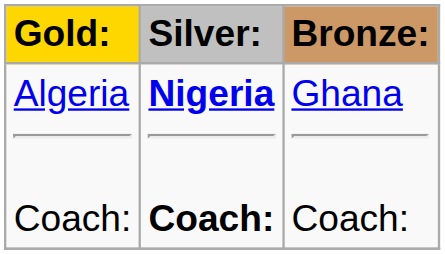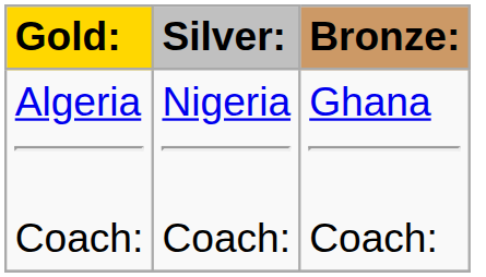 <table class="wikitable">
 <tr>
 <td !align="center" bgcolor="gold"><strong>Gold:</strong></td>
 <td !align="center" bgcolor="silver"><strong>Silver:</strong></td>
 <td !align="center" bgcolor="#CC9966"><strong>Bronze:</strong></td>
 </tr>
 <tr valign=top>
 <td> <a href='#'>Algeria</a><hr><br>Coach:</td>
-<td><strong> <a href='#'>Nigeria</a><hr><br>Coach:</strong></td>
+<td> <a href='#'>Nigeria</a><hr><br>Coach:</td>
 <td> <a href='#'>Ghana</a><hr><br>Coach:</td>
 </tr>
 <tr>
 </tr>
 </table>
